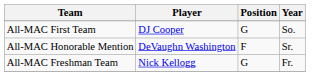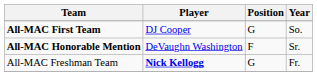 <table class="wikitable" border="1">
 <tr align=center>
 <th style= >Team</th>
 <th style= >Player</th>
 <th style= >Position</th>
 <th style= >Year</th>
 </tr>
 <tr align="center">
 </tr>
 <tr>
-<td>All-MAC First Team</td>
+<td><strong>All-MAC First Team</strong></td>
 <td><a href='#'>DJ Cooper</a></td>
 <td>G</td>
 <td>So.</td>
 </tr>
 <tr>
-<td>All-MAC Honorable Mention</td>
+<td><strong>All-MAC Honorable Mention</strong></td>
 <td><a href='#'>DeVaughn Washington</a></td>
 <td>F</td>
 <td>Sr.</td>
 </tr>
 <tr>
 <td>All-MAC Freshman Team</td>
-<td><a href='#'>Nick Kellogg</a></td>
+<td><strong><a href='#'>Nick Kellogg</a></strong></td>
 <td>G</td>
 <td>Fr.</td>
 </tr>
 <tr>
 </tr>
 </table>
